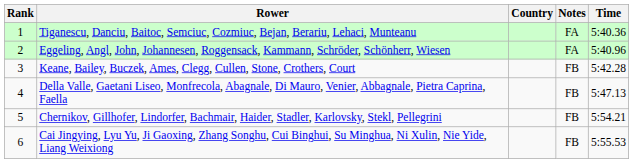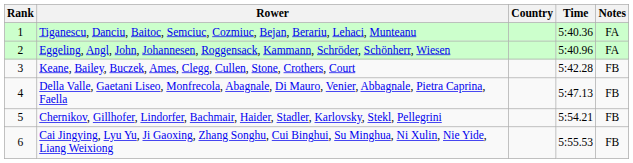 <table class="wikitable" style="text-align:center">
 <tr>
 <th>Rank</th>
 <th>Rower</th>
 <th>Country</th>
+<th>Time</th>
 <th>Notes</th>
-<th>Time</th>
 </tr>
 <tr bgcolor=ccffcc>
 <td>1</td>
 <td align="left"><a href='#'>Tiganescu</a>, <a href='#'>Danciu</a>, <a href='#'>Baitoc</a>, <a href='#'>Semciuc</a>, <a href='#'>Cozmiuc</a>, <a href='#'>Bejan</a>, <a href='#'>Berariu</a>, <a href='#'>Lehaci</a>, <a href='#'>Munteanu</a></td>
 <td align="left"></td>
+<td>5:40.36</td>
 <td>FA</td>
-<td>5:40.36</td>
 </tr>
 <tr bgcolor=ccffcc>
 <td>2</td>
 <td align="left"><a href='#'>Eggeling</a>, <a href='#'>Angl</a>, <a href='#'>John</a>, <a href='#'>Johannesen</a>, <a href='#'>Roggensack</a>, <a href='#'>Kammann</a>, <a href='#'>Schröder</a>, <a href='#'>Schönherr</a>, <a href='#'>Wiesen</a></td>
 <td align="left"></td>
+<td>5:40.96</td>
 <td>FA</td>
-<td>5:40.96</td>
 </tr>
 <tr>
 <td>3</td>
 <td align="left"><a href='#'>Keane</a>, <a href='#'>Bailey</a>, <a href='#'>Buczek</a>, <a href='#'>Ames</a>, <a href='#'>Clegg</a>, <a href='#'>Cullen</a>, <a href='#'>Stone</a>, <a href='#'>Crothers</a>, <a href='#'>Court</a></td>
 <td align="left"></td>
+<td>5:42.28</td>
 <td>FB</td>
-<td>5:42.28</td>
 </tr>
 <tr>
 <td>4</td>
 <td align="left"><a href='#'>Della Valle</a>, <a href='#'>Gaetani Liseo</a>, <a href='#'>Monfrecola</a>, <a href='#'>Abagnale</a>, <a href='#'>Di Mauro</a>, <a href='#'>Venier</a>, <a href='#'>Abbagnale</a>, <a href='#'>Pietra Caprina</a>, <a href='#'>Faella</a></td>
 <td align="left"></td>
+<td>5:47.13</td>
 <td>FB</td>
-<td>5:47.13</td>
 </tr>
 <tr>
 <td>5</td>
 <td align="left"><a href='#'>Chernikov</a>, <a href='#'>Gillhofer</a>, <a href='#'>Lindorfer</a>,  <a href='#'>Bachmair</a>, <a href='#'>Haider</a>, <a href='#'>Stadler</a>, <a href='#'>Karlovsky</a>, <a href='#'>Stekl</a>, <a href='#'>Pellegrini</a></td>
 <td align="left"></td>
+<td>5:54.21</td>
 <td>FB</td>
-<td>5:54.21</td>
 </tr>
 <tr>
 <td>6</td>
 <td align="left"><a href='#'>Cai Jingying</a>, <a href='#'>Lyu Yu</a>, <a href='#'>Ji Gaoxing</a>, <a href='#'>Zhang Songhu</a>, <a href='#'>Cui Binghui</a>, <a href='#'>Su Minghua</a>, <a href='#'>Ni Xulin</a>, <a href='#'>Nie Yide</a>, <a href='#'>Liang Weixiong</a></td>
 <td align="left"></td>
+<td>5:55.53</td>
 <td>FB</td>
-<td>5:55.53</td>
 </tr>
 </table>
